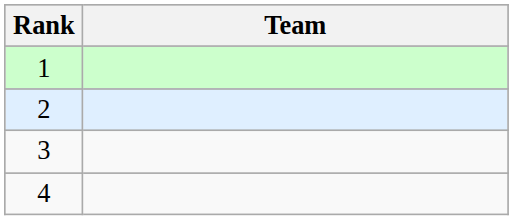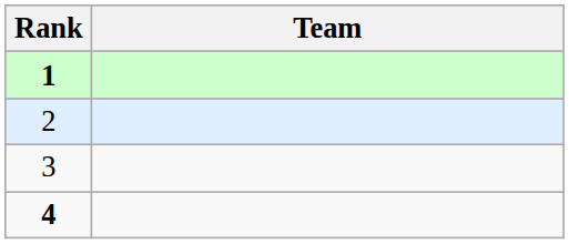 <table class="wikitable" style="text-align: center;">
 <tr>
 <th width=40>Rank</th>
 <th width=250>Team</th>
 </tr>
 <tr bgcolor=#ccffcc>
-<td>1</td>
+<td><strong>1</strong></td>
 <td align=left></td>
 </tr>
 <tr bgcolor=#dfefff>
 <td>2</td>
 <td align=left></td>
 </tr>
 <tr>
 <td>3</td>
 <td align=left></td>
 </tr>
 <tr>
-<td>4</td>
+<td><strong>4</strong></td>
 <td align=left></td>
 </tr>
 </table>
